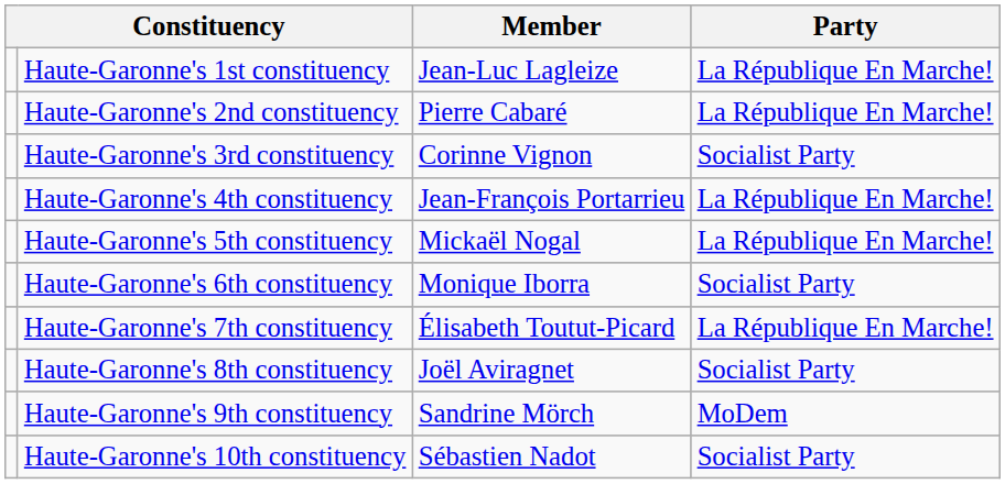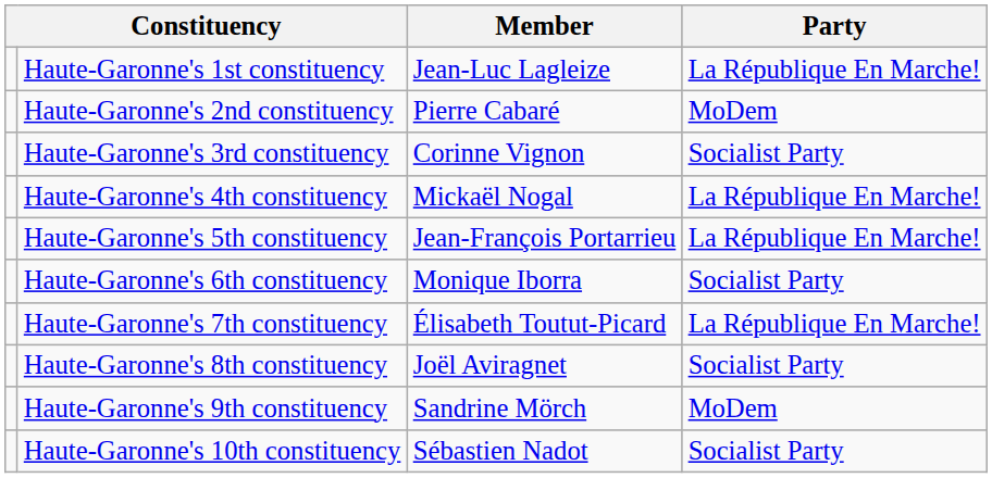 <table class="wikitable">
 <tr>
 <th colspan="2">Constituency</th>
 <th>Member</th>
 <th>Party</th>
 </tr>
 <tr>
 <td style="background-color: "></td>
 <td><a href='#'>Haute-Garonne's 1st constituency</a></td>
 <td><a href='#'>Jean-Luc Lagleize</a></td>
 <td><a href='#'>La République En Marche!</a></td>
 </tr>
 <tr>
 <td style="background-color: "></td>
 <td><a href='#'>Haute-Garonne's 2nd constituency</a></td>
 <td><a href='#'>Pierre Cabaré</a></td>
-<td><a href='#'>La République En Marche!</a></td>
+<td><a href='#'>MoDem</a></td>
 </tr>
 <tr>
 <td style="background-color: "></td>
 <td><a href='#'>Haute-Garonne's 3rd constituency</a></td>
 <td><a href='#'>Corinne Vignon</a></td>
 <td><a href='#'>Socialist Party</a></td>
 </tr>
 <tr>
 <td style="background-color: "></td>
 <td><a href='#'>Haute-Garonne's 4th constituency</a></td>
-<td><a href='#'>Jean-François Portarrieu</a></td>
+<td><a href='#'>Mickaël Nogal</a></td>
 <td><a href='#'>La République En Marche!</a></td>
 </tr>
 <tr>
 <td style="background-color: "></td>
 <td><a href='#'>Haute-Garonne's 5th constituency</a></td>
-<td><a href='#'>Mickaël Nogal</a></td>
+<td><a href='#'>Jean-François Portarrieu</a></td>
 <td><a href='#'>La République En Marche!</a></td>
 </tr>
 <tr>
 <td style="background-color: "></td>
 <td><a href='#'>Haute-Garonne's 6th constituency</a></td>
 <td><a href='#'>Monique Iborra</a></td>
 <td><a href='#'>Socialist Party</a></td>
 </tr>
 <tr>
 <td style="background-color: "></td>
 <td><a href='#'>Haute-Garonne's 7th constituency</a></td>
 <td><a href='#'>Élisabeth Toutut-Picard</a></td>
 <td><a href='#'>La République En Marche!</a></td>
 </tr>
 <tr>
 <td style="background-color: "></td>
 <td><a href='#'>Haute-Garonne's 8th constituency</a></td>
 <td><a href='#'>Joël Aviragnet</a></td>
 <td><a href='#'>Socialist Party</a></td>
 </tr>
 <tr>
 <td style="background-color: "></td>
 <td><a href='#'>Haute-Garonne's 9th constituency</a></td>
 <td><a href='#'>Sandrine Mörch</a></td>
 <td><a href='#'>MoDem</a></td>
 </tr>
 <tr>
 <td style="background-color: "></td>
 <td><a href='#'>Haute-Garonne's 10th constituency</a></td>
 <td><a href='#'>Sébastien Nadot</a></td>
 <td><a href='#'>Socialist Party</a></td>
 </tr>
 </table>
